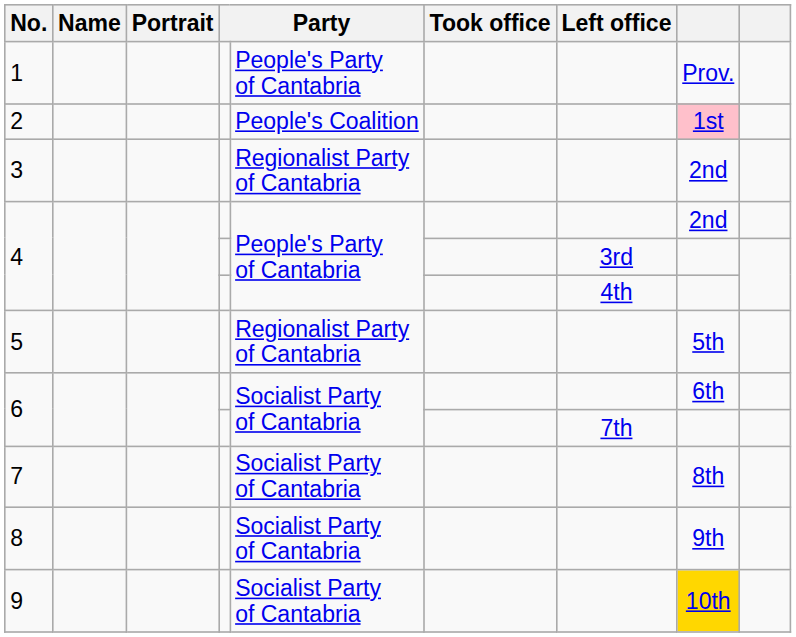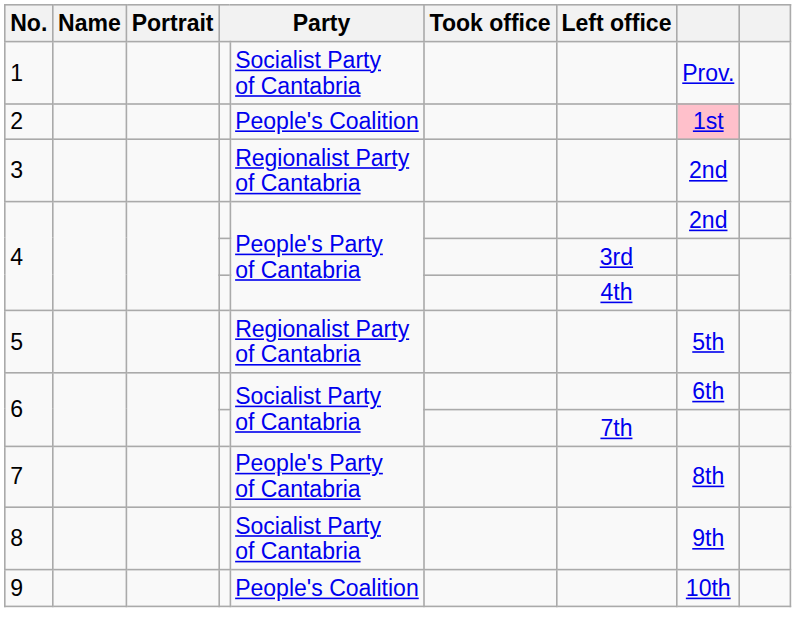 <table class="wikitable plainrowheaders sortable" style="font-size:90%; text-align:left;">
 <tr>
 <th scope=col>No.</th>
 <th scope=col>Name</th>
 <th scope=col class=unsortable>Portrait</th>
 <th scope=col colspan="2">Party</th>
 <th scope=col>Took office</th>
 <th scope=col>Left office</th>
 <th scope=col></th>
 <th scope=col width=25px class=unsortable></th>
 </tr>
 <tr>
 <td>1</td>
 <td style="white-space: nowrap;"></td>
 <td align=center></td>
 <td !align="center" style="background:"></td>
-<td><a href='#'>People's Party<br>of Cantabria</a></td>
+<td><a href='#'>Socialist Party<br>of Cantabria</a></td>
 <td align=center></td>
 <td align=center></td>
 <td align=center><a href='#'>Prov.</a></td>
 <td align=center></td>
 </tr>
 <tr>
 <td>2</td>
 <td style="white-space: nowrap;"></td>
 <td align=center></td>
 <td !align="center" style="background:"></td>
 <td><a href='#'>People's Coalition</a></td>
 <td align=center></td>
 <td align=center></td>
 <td align=center style="background: pink;"><a href='#'>1st</a></td>
 <td align=center></td>
 </tr>
 <tr>
 <td>3</td>
 <td style="white-space: nowrap;"></td>
 <td align=center></td>
 <td !align="center" style="background:"></td>
 <td><a href='#'>Regionalist Party<br>of Cantabria</a></td>
 <td align=center></td>
 <td align=center></td>
 <td align=center><a href='#'>2nd</a></td>
 <td align=center></td>
 </tr>
 <tr>
 <td rowspan=3>4</td>
 <td style="white-space: nowrap;" rowspan=3></td>
 <td align=center rowspan=3></td>
 <td !align="center" style="background:"></td>
 <td rowspan=3><a href='#'>People's Party<br>of Cantabria</a></td>
 <td align=center></td>
 <td align=center></td>
 <td align=center><a href='#'>2nd</a></td>
 <td align=center></td>
 </tr>
 <tr>
 <td align=center></td>
 <td align=center></td>
 <td align=center><a href='#'>3rd</a></td>
 <td align=center></td>
 </tr>
 <tr>
 <td align=center></td>
 <td align=center></td>
 <td align=center><a href='#'>4th</a></td>
 <td align=center></td>
 </tr>
 <tr>
 <td>5</td>
 <td style="white-space: nowrap;"></td>
 <td align=center></td>
 <td !align="center" style="background:"></td>
 <td><a href='#'>Regionalist Party<br>of Cantabria</a></td>
 <td align=center></td>
 <td align=center></td>
 <td align=center><a href='#'>5th</a></td>
 <td align=center></td>
 </tr>
 <tr>
 <td rowspan=2>6</td>
 <td style="white-space: nowrap;" rowspan=2></td>
 <td align=center rowspan=2></td>
 <td !align="center" style="background:"></td>
 <td rowspan=2><a href='#'>Socialist Party<br>of Cantabria</a></td>
 <td align=center></td>
 <td align=center></td>
 <td align=center><a href='#'>6th</a></td>
 <td align=center></td>
 </tr>
 <tr>
 <td align=center></td>
 <td align=center></td>
 <td align=center><a href='#'>7th</a></td>
 <td align=center></td>
 </tr>
 <tr>
 <td>7</td>
 <td style="white-space: nowrap;"></td>
 <td align=center></td>
 <td !align="center" style="background:"></td>
-<td><a href='#'>Socialist Party<br>of Cantabria</a></td>
+<td><a href='#'>People's Party<br>of Cantabria</a></td>
 <td align=center></td>
 <td align=center></td>
 <td align=center><a href='#'>8th</a></td>
 <td align=center></td>
 </tr>
 <tr>
 <td>8</td>
 <td style="white-space: nowrap;"></td>
 <td align=center></td>
 <td !align="center" style="background:"></td>
 <td><a href='#'>Socialist Party<br>of Cantabria</a></td>
 <td align=center></td>
 <td align=center></td>
 <td align=center><a href='#'>9th</a></td>
 <td align=center></td>
 </tr>
 <tr>
 <td>9</td>
 <td style="white-space: nowrap;"></td>
 <td align=center></td>
 <td !align="center" style="background:"></td>
-<td><a href='#'>Socialist Party<br>of Cantabria</a></td>
+<td><a href='#'>People's Coalition</a></td>
 <td align=center></td>
 <td></td>
-<td align=center style="background: gold;"><a href='#'>10th</a></td>
+<td align=center><a href='#'>10th</a></td>
 <td align=center></td>
 </tr>
 </table>
